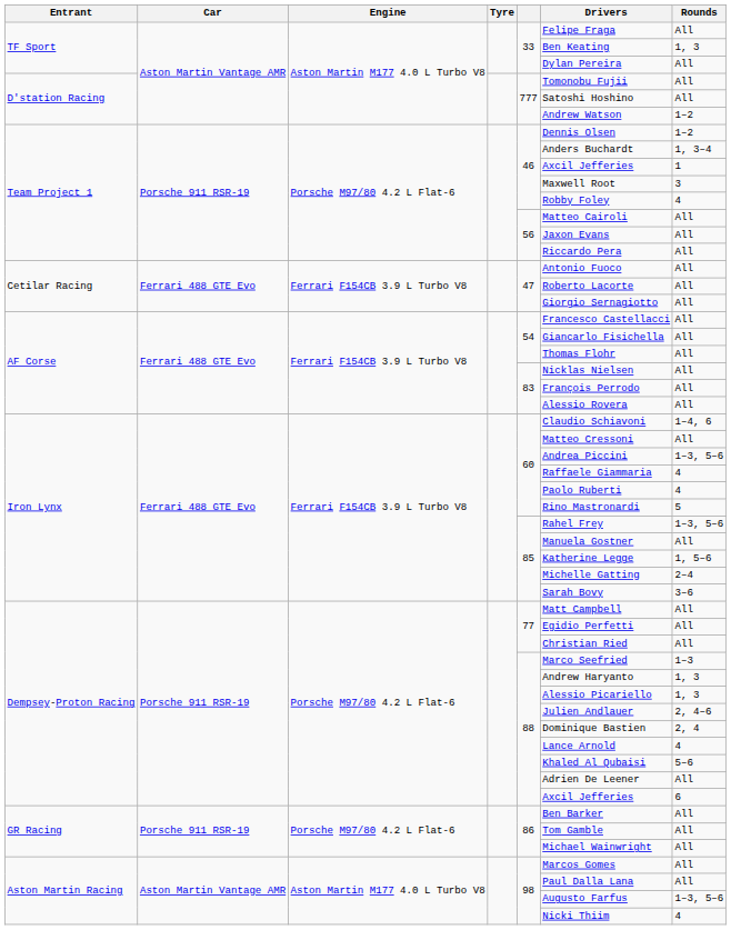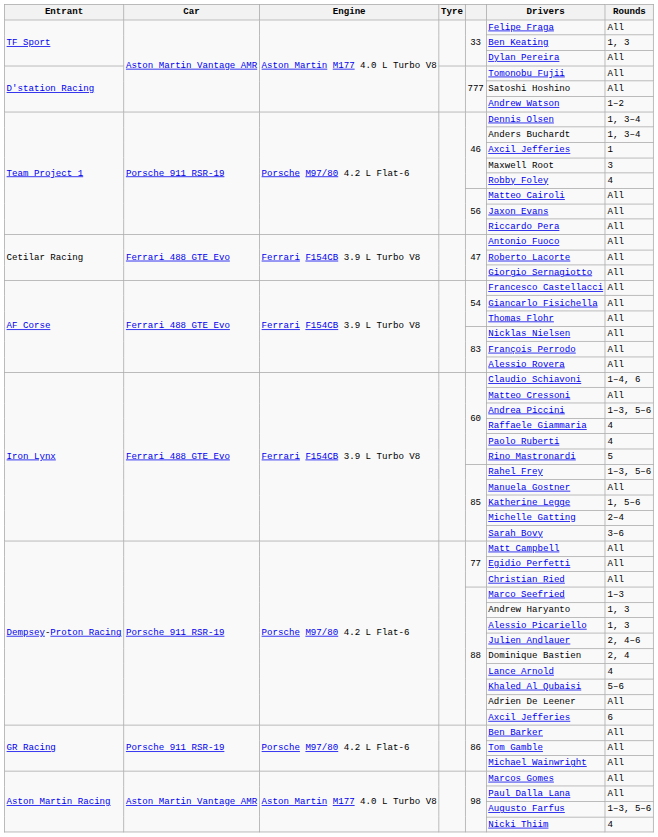 <table class="wikitable" style="font-size: 90%">
 <tr>
 <th>Entrant</th>
 <th>Car</th>
 <th>Engine</th>
 <th>Tyre</th>
 <th></th>
 <th>Drivers</th>
 <th>Rounds</th>
 </tr>
 <tr>
 <td rowspan="3"> <a href='#'>TF Sport</a></td>
 <td rowspan="6"><a href='#'>Aston Martin Vantage AMR</a></td>
 <td rowspan="6"><a href='#'>Aston Martin</a> <a href='#'>M177</a> 4.0 L Turbo V8</td>
 <td rowspan="3"></td>
 <td rowspan="3" align="center">33</td>
 <td> <a href='#'>Felipe Fraga</a></td>
 <td>All</td>
 </tr>
 <tr>
 <td> <a href='#'>Ben Keating</a></td>
 <td>1, 3</td>
 </tr>
 <tr>
 <td> <a href='#'>Dylan Pereira</a></td>
 <td>All</td>
 </tr>
 <tr>
 <td rowspan="3"> <a href='#'>D'station Racing</a></td>
 <td rowspan="3"></td>
 <td rowspan="3" align="center">777</td>
 <td> <a href='#'>Tomonobu Fujii</a></td>
 <td>All</td>
 </tr>
 <tr>
 <td> Satoshi Hoshino</td>
 <td>All</td>
 </tr>
 <tr>
 <td> <a href='#'>Andrew Watson</a></td>
 <td>1–2</td>
 </tr>
 <tr>
 <td rowspan="8"> <a href='#'>Team Project 1</a></td>
 <td rowspan="8"><a href='#'>Porsche 911 RSR-19</a></td>
 <td rowspan="8"><a href='#'>Porsche</a> <a href='#'>M97/80</a> 4.2 L Flat-6</td>
 <td rowspan="8"></td>
 <td rowspan="5" align="center">46</td>
 <td> <a href='#'>Dennis Olsen</a></td>
-<td>1–2</td>
+<td>1, 3–4</td>
 </tr>
 <tr>
 <td> Anders Buchardt</td>
 <td>1, 3–4</td>
 </tr>
 <tr>
 <td> <a href='#'>Axcil Jefferies</a></td>
 <td>1</td>
 </tr>
 <tr>
 <td> Maxwell Root</td>
 <td>3</td>
 </tr>
 <tr>
 <td> <a href='#'>Robby Foley</a></td>
 <td>4</td>
 </tr>
 <tr>
 <td rowspan="3" align="center">56</td>
 <td> <a href='#'>Matteo Cairoli</a></td>
 <td>All</td>
 </tr>
 <tr>
 <td> <a href='#'>Jaxon Evans</a></td>
 <td>All</td>
 </tr>
 <tr>
 <td> <a href='#'>Riccardo Pera</a></td>
 <td>All</td>
 </tr>
 <tr>
 <td rowspan="3"> Cetilar Racing</td>
 <td rowspan="3"><a href='#'>Ferrari 488 GTE Evo</a></td>
 <td rowspan="3"><a href='#'>Ferrari</a> <a href='#'>F154CB</a> 3.9 L Turbo V8</td>
 <td rowspan="3"></td>
 <td rowspan="3" align="center">47</td>
 <td> <a href='#'>Antonio Fuoco</a></td>
 <td>All</td>
 </tr>
 <tr>
 <td> <a href='#'>Roberto Lacorte</a></td>
 <td>All</td>
 </tr>
 <tr>
 <td> <a href='#'>Giorgio Sernagiotto</a></td>
 <td>All</td>
 </tr>
 <tr>
 <td rowspan="6"> <a href='#'>AF Corse</a></td>
 <td rowspan="6"><a href='#'>Ferrari 488 GTE Evo</a></td>
 <td rowspan="6"><a href='#'>Ferrari</a> <a href='#'>F154CB</a> 3.9 L Turbo V8</td>
 <td rowspan="6"></td>
 <td rowspan="3" align="center">54</td>
 <td> <a href='#'>Francesco Castellacci</a></td>
 <td>All</td>
 </tr>
 <tr>
 <td> <a href='#'>Giancarlo Fisichella</a></td>
 <td>All</td>
 </tr>
 <tr>
 <td> <a href='#'>Thomas Flohr</a></td>
 <td>All</td>
 </tr>
 <tr>
 <td rowspan="3" align="center">83</td>
 <td> <a href='#'>Nicklas Nielsen</a></td>
 <td>All</td>
 </tr>
 <tr>
 <td> <a href='#'>François Perrodo</a></td>
 <td>All</td>
 </tr>
 <tr>
 <td> <a href='#'>Alessio Rovera</a></td>
 <td>All</td>
 </tr>
 <tr>
 <td rowspan="11"> <a href='#'>Iron Lynx</a></td>
 <td rowspan="11"><a href='#'>Ferrari 488 GTE Evo</a></td>
 <td rowspan="11"><a href='#'>Ferrari</a> <a href='#'>F154CB</a> 3.9 L Turbo V8</td>
 <td rowspan="11"></td>
 <td rowspan="6" align="center">60</td>
 <td> <a href='#'>Claudio Schiavoni</a></td>
 <td>1–4, 6</td>
 </tr>
 <tr>
 <td> <a href='#'>Matteo Cressoni</a></td>
 <td>All</td>
 </tr>
 <tr>
 <td> <a href='#'>Andrea Piccini</a></td>
 <td>1–3, 5–6</td>
 </tr>
 <tr>
 <td> <a href='#'>Raffaele Giammaria</a></td>
 <td>4</td>
 </tr>
 <tr>
 <td> <a href='#'>Paolo Ruberti</a></td>
 <td>4</td>
 </tr>
 <tr>
 <td> <a href='#'>Rino Mastronardi</a></td>
 <td>5</td>
 </tr>
 <tr>
 <td rowspan="5" align="center">85</td>
 <td> <a href='#'>Rahel Frey</a></td>
 <td>1–3, 5–6</td>
 </tr>
 <tr>
 <td> <a href='#'>Manuela Gostner</a></td>
 <td>All</td>
 </tr>
 <tr>
 <td> <a href='#'>Katherine Legge</a></td>
 <td>1, 5–6</td>
 </tr>
 <tr>
 <td> <a href='#'>Michelle Gatting</a></td>
 <td>2–4</td>
 </tr>
 <tr>
 <td> <a href='#'>Sarah Bovy</a></td>
 <td>3–6</td>
 </tr>
 <tr>
 <td rowspan="12"> <a href='#'>Dempsey</a>-<a href='#'>Proton Racing</a></td>
 <td rowspan="12"><a href='#'>Porsche 911 RSR-19</a></td>
 <td rowspan="12"><a href='#'>Porsche</a> <a href='#'>M97/80</a> 4.2 L Flat-6</td>
 <td rowspan="12"></td>
 <td rowspan="3" align="center">77</td>
 <td> <a href='#'>Matt Campbell</a></td>
 <td>All</td>
 </tr>
 <tr>
 <td> <a href='#'>Egidio Perfetti</a></td>
 <td>All</td>
 </tr>
 <tr>
 <td> <a href='#'>Christian Ried</a></td>
 <td>All</td>
 </tr>
 <tr>
 <td rowspan="9" align="center">88</td>
 <td> <a href='#'>Marco Seefried</a></td>
 <td>1–3</td>
 </tr>
 <tr>
 <td> Andrew Haryanto</td>
 <td>1, 3</td>
 </tr>
 <tr>
 <td> <a href='#'>Alessio Picariello</a></td>
 <td>1, 3</td>
 </tr>
 <tr>
 <td> <a href='#'>Julien Andlauer</a></td>
 <td>2, 4–6</td>
 </tr>
 <tr>
 <td> Dominique Bastien</td>
 <td>2, 4</td>
 </tr>
 <tr>
 <td> <a href='#'>Lance Arnold</a></td>
 <td>4</td>
 </tr>
 <tr>
 <td> <a href='#'>Khaled Al Qubaisi</a></td>
 <td>5–6</td>
 </tr>
 <tr>
 <td> Adrien De Leener</td>
 <td>All</td>
 </tr>
 <tr>
 <td> <a href='#'>Axcil Jefferies</a></td>
 <td>6</td>
 </tr>
 <tr>
 <td rowspan="3"> <a href='#'>GR Racing</a></td>
 <td rowspan="3"><a href='#'>Porsche 911 RSR-19</a></td>
 <td rowspan="3"><a href='#'>Porsche</a> <a href='#'>M97/80</a> 4.2 L Flat-6</td>
 <td rowspan="3"></td>
 <td rowspan="3" align="center">86</td>
 <td> <a href='#'>Ben Barker</a></td>
 <td>All</td>
 </tr>
 <tr>
 <td> <a href='#'>Tom Gamble</a></td>
 <td>All</td>
 </tr>
 <tr>
 <td> <a href='#'>Michael Wainwright</a></td>
 <td>All</td>
 </tr>
 <tr>
 <td rowspan="4"> <a href='#'>Aston Martin Racing</a></td>
 <td rowspan="4"><a href='#'>Aston Martin Vantage AMR</a></td>
 <td rowspan="4"><a href='#'>Aston Martin</a> <a href='#'>M177</a> 4.0 L Turbo V8</td>
 <td rowspan="4"></td>
 <td rowspan="4" align="center">98</td>
 <td> <a href='#'>Marcos Gomes</a></td>
 <td>All</td>
 </tr>
 <tr>
 <td> <a href='#'>Paul Dalla Lana</a></td>
 <td>All</td>
 </tr>
 <tr>
 <td> <a href='#'>Augusto Farfus</a></td>
 <td>1–3, 5–6</td>
 </tr>
 <tr>
 <td> <a href='#'>Nicki Thiim</a></td>
 <td>4</td>
 </tr>
 </table>
